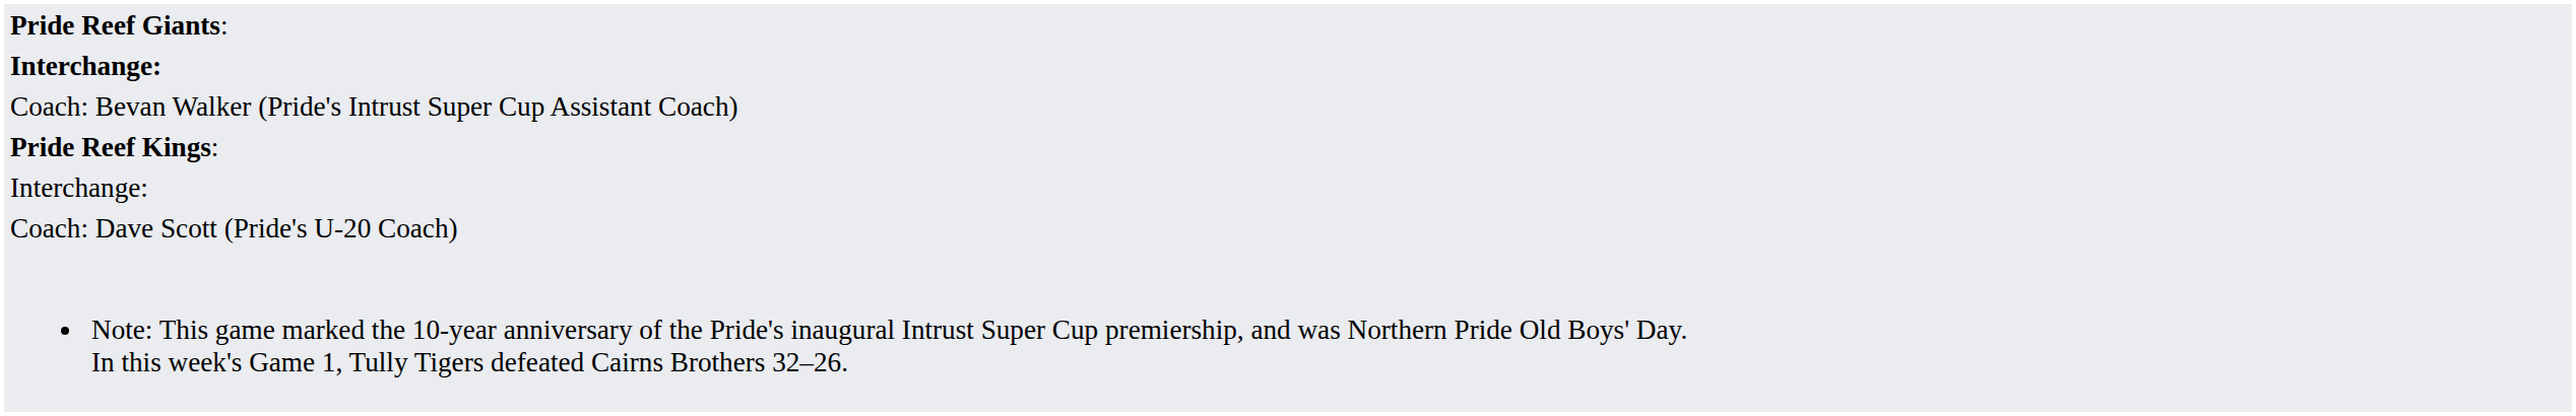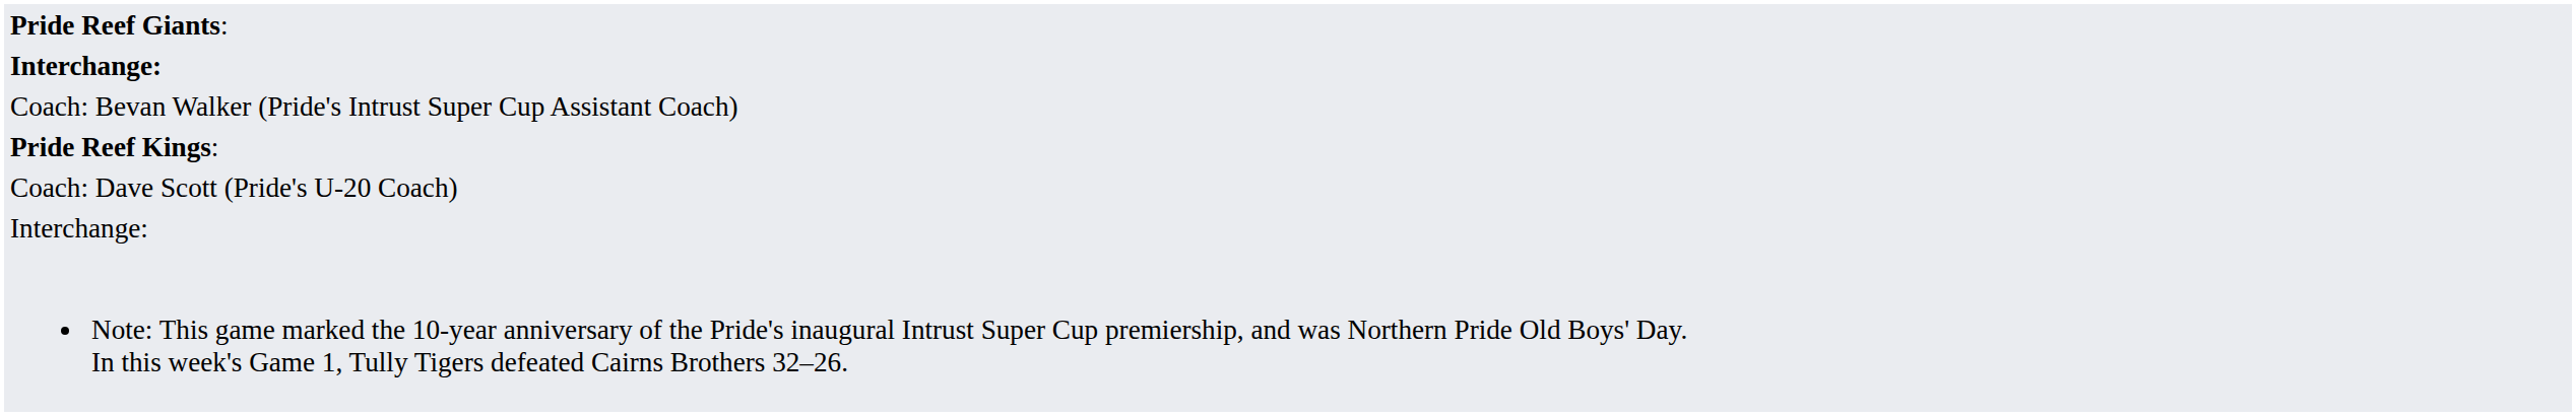 <table style="background:#eaecf0; font-size:85%; width:100%;">
 <tr>
 <td><strong>Pride Reef Giants</strong>:             </td>
 </tr>
 <tr>
 <td><strong>Interchange:    </strong></td>
 </tr>
 <tr>
 <td>Coach: Bevan Walker (Pride's Intrust Super Cup Assistant Coach)</td>
 </tr>
 <tr>
 <td><strong> Pride Reef Kings</strong>:             </td>
 </tr>
 <tr>
-<td>Interchange:     </td>
+<td>Coach:  Dave Scott (Pride's U-20 Coach)</td>
 </tr>
 <tr>
-<td>Coach:  Dave Scott (Pride's U-20 Coach)</td>
+<td>Interchange:     </td>
 </tr>
 <tr>
 <td><br><ul><li>Note: This game marked the 10-year anniversary of the Pride's inaugural Intrust Super Cup premiership, and was Northern Pride Old Boys' Day.<br> In this week's Game 1, Tully Tigers defeated Cairns Brothers 32–26.</li></ul></td>
 </tr>
 </table>
